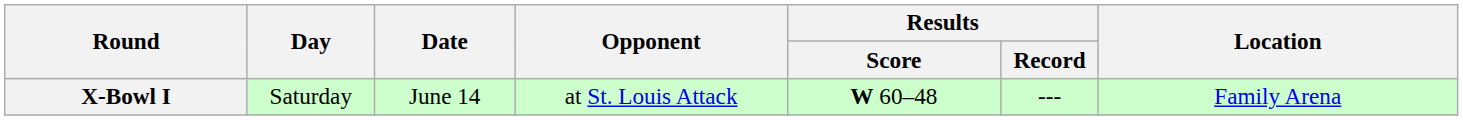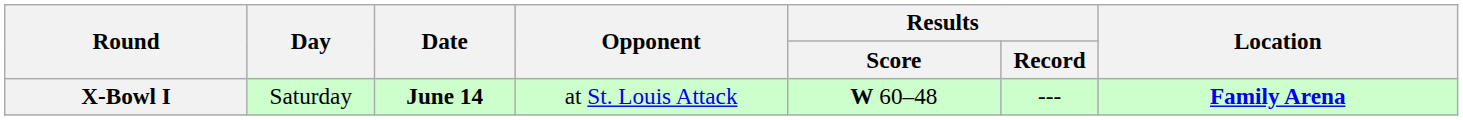 <table class="wikitable">
 <tr>
 <th rowspan="2" width="160">Round</th>
 <th rowspan="2" width="80">Day</th>
 <th rowspan="2" width="90">Date</th>
 <th rowspan="2" width="180">Opponent</th>
 <th colspan="2" width="200">Results</th>
 <th rowspan="2" width="240">Location</th>
 </tr>
 <tr>
 <th width="140">Score</th>
 <th width="60">Record</th>
 </tr>
 <tr align="center" bgcolor="#CCFFCC">
 <th>X-Bowl I</th>
 <td>Saturday</td>
-<td>June 14</td>
+<td><strong>June 14</strong></td>
 <td>at <a href='#'>St. Louis Attack</a></td>
 <td><strong>W</strong> 60–48</td>
 <td>---</td>
-<td><a href='#'>Family Arena</a></td>
+<td><strong><a href='#'>Family Arena</a></strong></td>
 </tr>
 </table>
